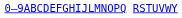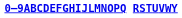 <table id="toc" class="toc" summary="Class">
 <tr>
 <th></th>
 </tr>
 <tr>
-<td style="text-align:center;"><a href='#'>0–9</a><a href='#'>A</a><a href='#'>B</a><a href='#'>C</a><a href='#'>D</a><a href='#'>E</a><a href='#'>F</a><a href='#'>G</a><a href='#'>H</a><a href='#'>I</a><a href='#'>J</a><a href='#'>L</a><a href='#'>M</a><a href='#'>N</a><a href='#'>O</a><a href='#'>P</a><a href='#'>Q</a> <a href='#'>R</a><a href='#'>S</a><a href='#'>T</a><a href='#'>U</a><a href='#'>V</a><a href='#'>W</a><a href='#'>Y</a></td>
+<td style="text-align:center;"><strong><a href='#'>0–9</a><a href='#'>A</a><a href='#'>B</a><a href='#'>C</a><a href='#'>D</a><a href='#'>E</a><a href='#'>F</a><a href='#'>G</a><a href='#'>H</a><a href='#'>I</a><a href='#'>J</a><a href='#'>L</a><a href='#'>M</a><a href='#'>N</a><a href='#'>O</a><a href='#'>P</a><a href='#'>Q</a> <a href='#'>R</a><a href='#'>S</a><a href='#'>T</a><a href='#'>U</a><a href='#'>V</a><a href='#'>W</a><a href='#'>Y</a></strong></td>
 </tr>
 </table>
